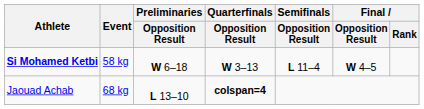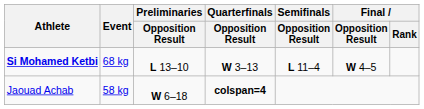 <table class="wikitable" style="font-size:90%;">
 <tr>
 <th rowspan=2>Athlete</th>
 <th rowspan=2>Event</th>
 <th>Preliminaries</th>
 <th>Quarterfinals</th>
 <th>Semifinals</th>
 <th colspan=2>Final / </th>
 </tr>
 <tr style="font-size:95%">
 <th>Opposition<br>Result</th>
 <th>Opposition<br>Result</th>
 <th>Opposition<br>Result</th>
 <th>Opposition<br>Result</th>
 <th>Rank</th>
 </tr>
 <tr align=center>
 <td align=left><strong><a href='#'>Si Mohamed Ketbi</a></strong></td>
-<td align=left><a href='#'>58 kg</a></td>
-<td><br><strong>W</strong> 6–18 </td>
+<td align=left><a href='#'>68 kg</a></td>
+<td><br><strong>L</strong> 13–10 </td>
 <td><br><strong>W</strong> 3–13 </td>
 <td><br><strong>L</strong> 11–4 </td>
 <td><br><strong>W</strong> 4–5 </td>
 <td></td>
 </tr>
 <tr align=center>
 <td align=left><a href='#'>Jaouad Achab</a></td>
-<td align=left><a href='#'>68 kg</a></td>
-<td><br><strong>L</strong> 13–10 </td>
+<td align=left><a href='#'>58 kg</a></td>
+<td><br><strong>W</strong> 6–18 </td>
 <td><strong>colspan=4 </strong></td>
 </tr>
 </table>
